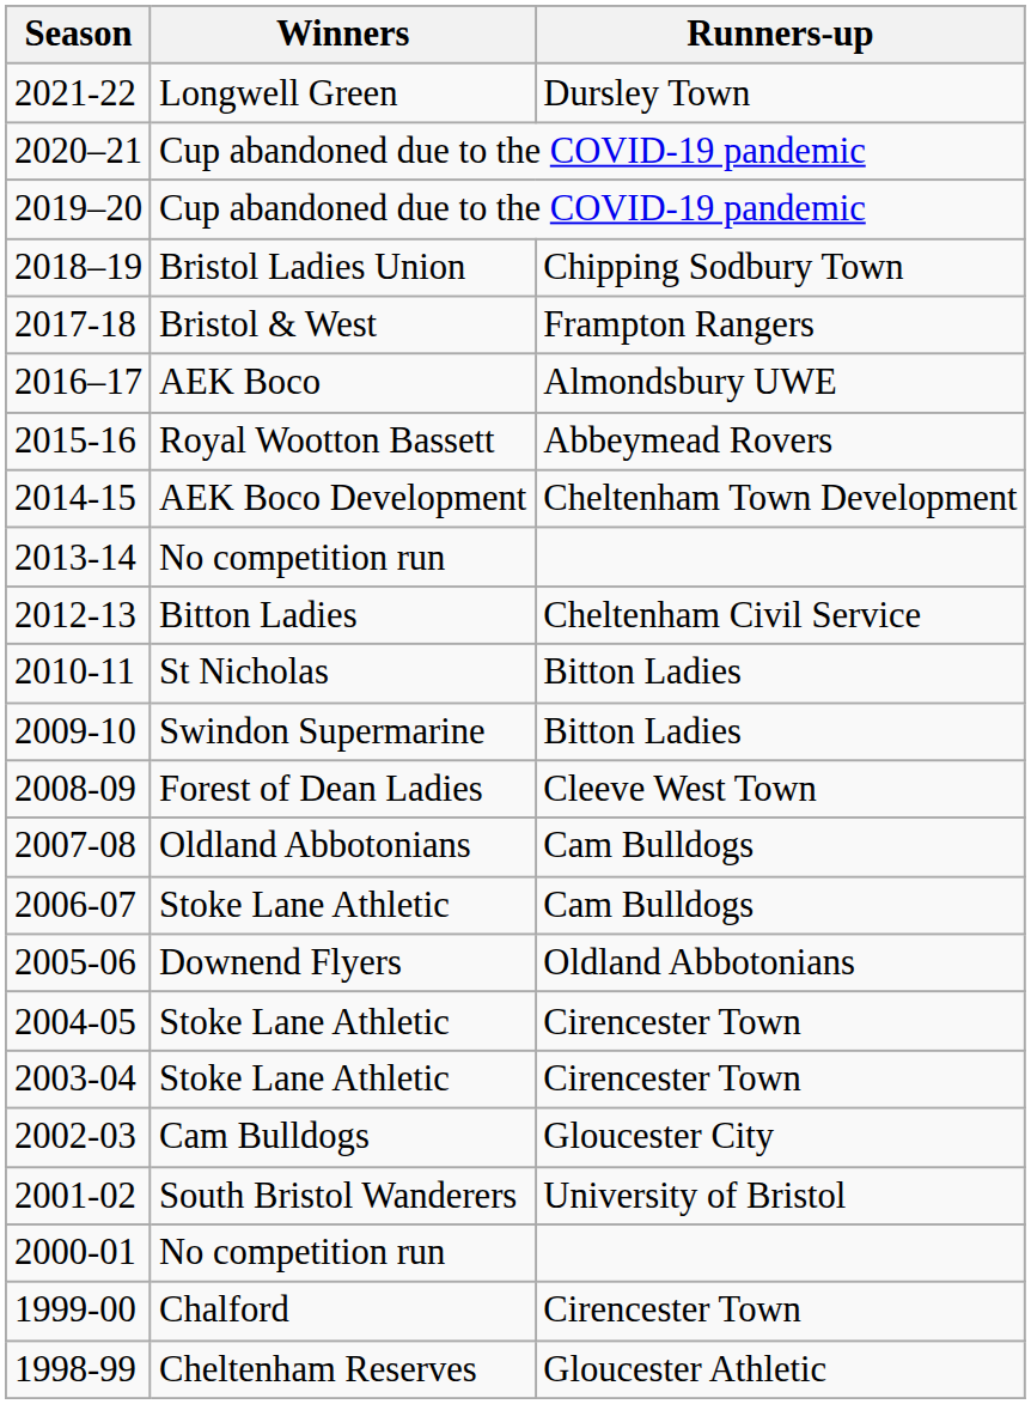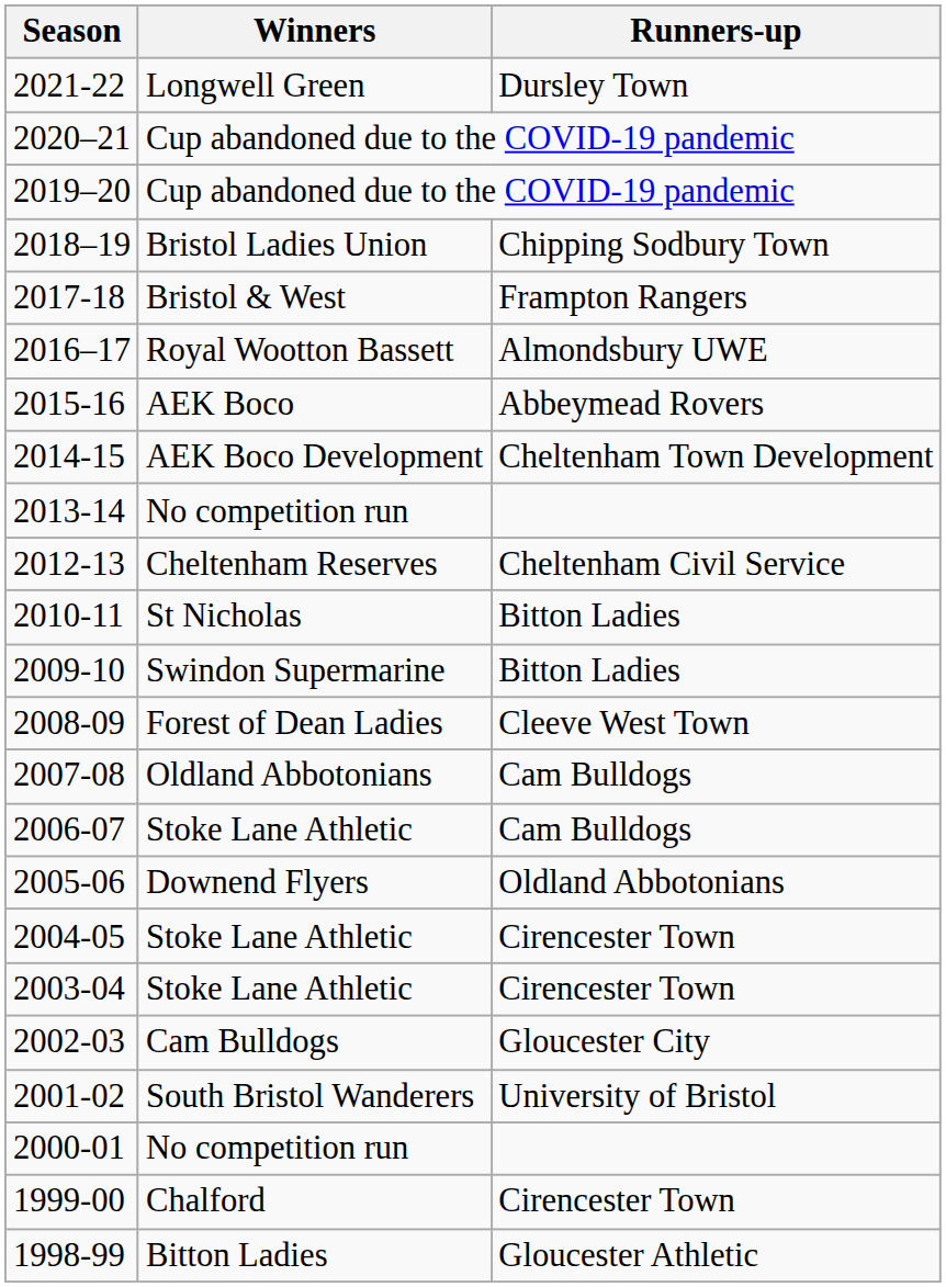 <table class="wikitable">
 <tr>
 <th>Season</th>
 <th>Winners</th>
 <th>Runners-up</th>
 </tr>
 <tr>
 <td>2021-22</td>
 <td>Longwell Green</td>
 <td>Dursley Town</td>
 </tr>
 <tr>
 <td>2020–21</td>
 <td colspan="2">Cup abandoned due to the <a href='#'>COVID-19 pandemic</a></td>
 </tr>
 <tr>
 <td>2019–20</td>
 <td colspan="2">Cup abandoned due to the <a href='#'>COVID-19 pandemic</a></td>
 </tr>
 <tr>
 <td>2018–19</td>
 <td>Bristol Ladies Union</td>
 <td>Chipping Sodbury Town</td>
 </tr>
 <tr>
 <td>2017-18</td>
 <td>Bristol & West</td>
 <td>Frampton Rangers</td>
 </tr>
 <tr>
 <td>2016–17</td>
-<td>AEK Boco</td>
+<td>Royal Wootton Bassett</td>
 <td>Almondsbury UWE</td>
 </tr>
 <tr>
 <td>2015-16</td>
-<td>Royal Wootton Bassett</td>
+<td>AEK Boco</td>
 <td>Abbeymead Rovers</td>
 </tr>
 <tr>
 <td>2014-15</td>
 <td>AEK Boco Development</td>
 <td>Cheltenham Town Development</td>
 </tr>
 <tr>
 <td>2013-14</td>
 <td>No competition run</td>
 <td></td>
 </tr>
 <tr>
 <td>2012-13</td>
-<td>Bitton Ladies</td>
+<td>Cheltenham Reserves</td>
 <td>Cheltenham Civil Service</td>
 </tr>
 <tr>
 <td>2010-11</td>
 <td>St Nicholas</td>
 <td>Bitton Ladies</td>
 </tr>
 <tr>
 <td>2009-10</td>
 <td>Swindon Supermarine</td>
 <td>Bitton Ladies</td>
 </tr>
 <tr>
 <td>2008-09</td>
 <td>Forest of Dean Ladies</td>
 <td>Cleeve West Town</td>
 </tr>
 <tr>
 <td>2007-08</td>
 <td>Oldland Abbotonians</td>
 <td>Cam Bulldogs</td>
 </tr>
 <tr>
 <td>2006-07</td>
 <td>Stoke Lane Athletic</td>
 <td>Cam Bulldogs</td>
 </tr>
 <tr>
 <td>2005-06</td>
 <td>Downend Flyers</td>
 <td>Oldland Abbotonians</td>
 </tr>
 <tr>
 <td>2004-05</td>
 <td>Stoke Lane Athletic</td>
 <td>Cirencester Town</td>
 </tr>
 <tr>
 <td>2003-04</td>
 <td>Stoke Lane Athletic</td>
 <td>Cirencester Town</td>
 </tr>
 <tr>
 <td>2002-03</td>
 <td>Cam Bulldogs</td>
 <td>Gloucester City</td>
 </tr>
 <tr>
 <td>2001-02</td>
 <td>South Bristol Wanderers</td>
 <td>University of Bristol</td>
 </tr>
 <tr>
 <td>2000-01</td>
 <td>No competition run</td>
 <td></td>
 </tr>
 <tr>
 <td>1999-00</td>
 <td>Chalford</td>
 <td>Cirencester Town</td>
 </tr>
 <tr>
 <td>1998-99</td>
-<td>Cheltenham Reserves</td>
+<td>Bitton Ladies</td>
 <td>Gloucester Athletic</td>
 </tr>
 </table>
